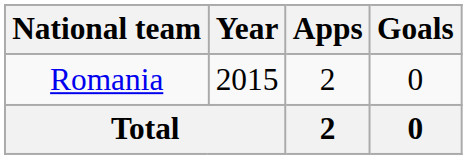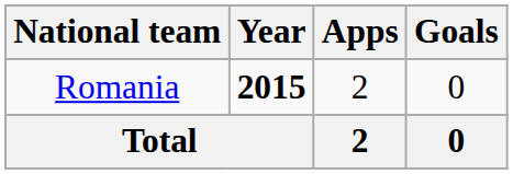 <table class="wikitable" style="text-align:center">
 <tr>
 <th>National team</th>
 <th>Year</th>
 <th>Apps</th>
 <th>Goals</th>
 </tr>
 <tr>
 <td rowspan="1"><a href='#'>Romania</a></td>
-<td>2015</td>
+<td><strong>2015</strong></td>
 <td>2</td>
 <td>0</td>
 </tr>
 <tr>
 <th colspan="2">Total</th>
 <th>2</th>
 <th>0</th>
 </tr>
 </table>
